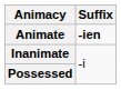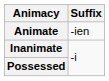 <table class="wikitable">
 <tr>
 <th>Animacy</th>
 <th>Suffix</th>
 </tr>
 <tr>
 <th>Animate</th>
-<td><strong>-ien</strong></td>
+<td>-ien</td>
 </tr>
 <tr>
 <th>Inanimate</th>
 <td rowspan="2">-i</td>
 </tr>
 <tr>
 <th>Possessed</th>
 </tr>
 </table>
